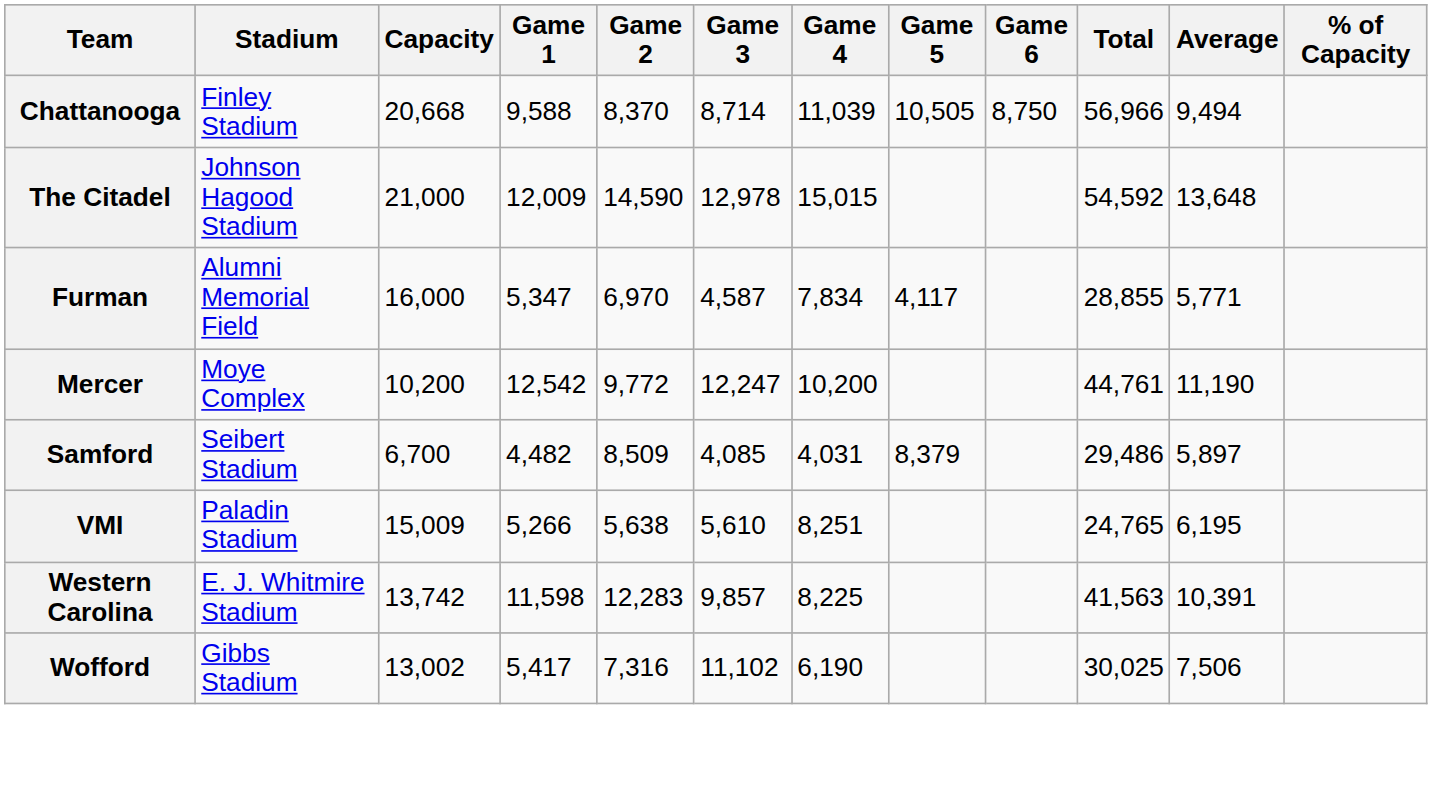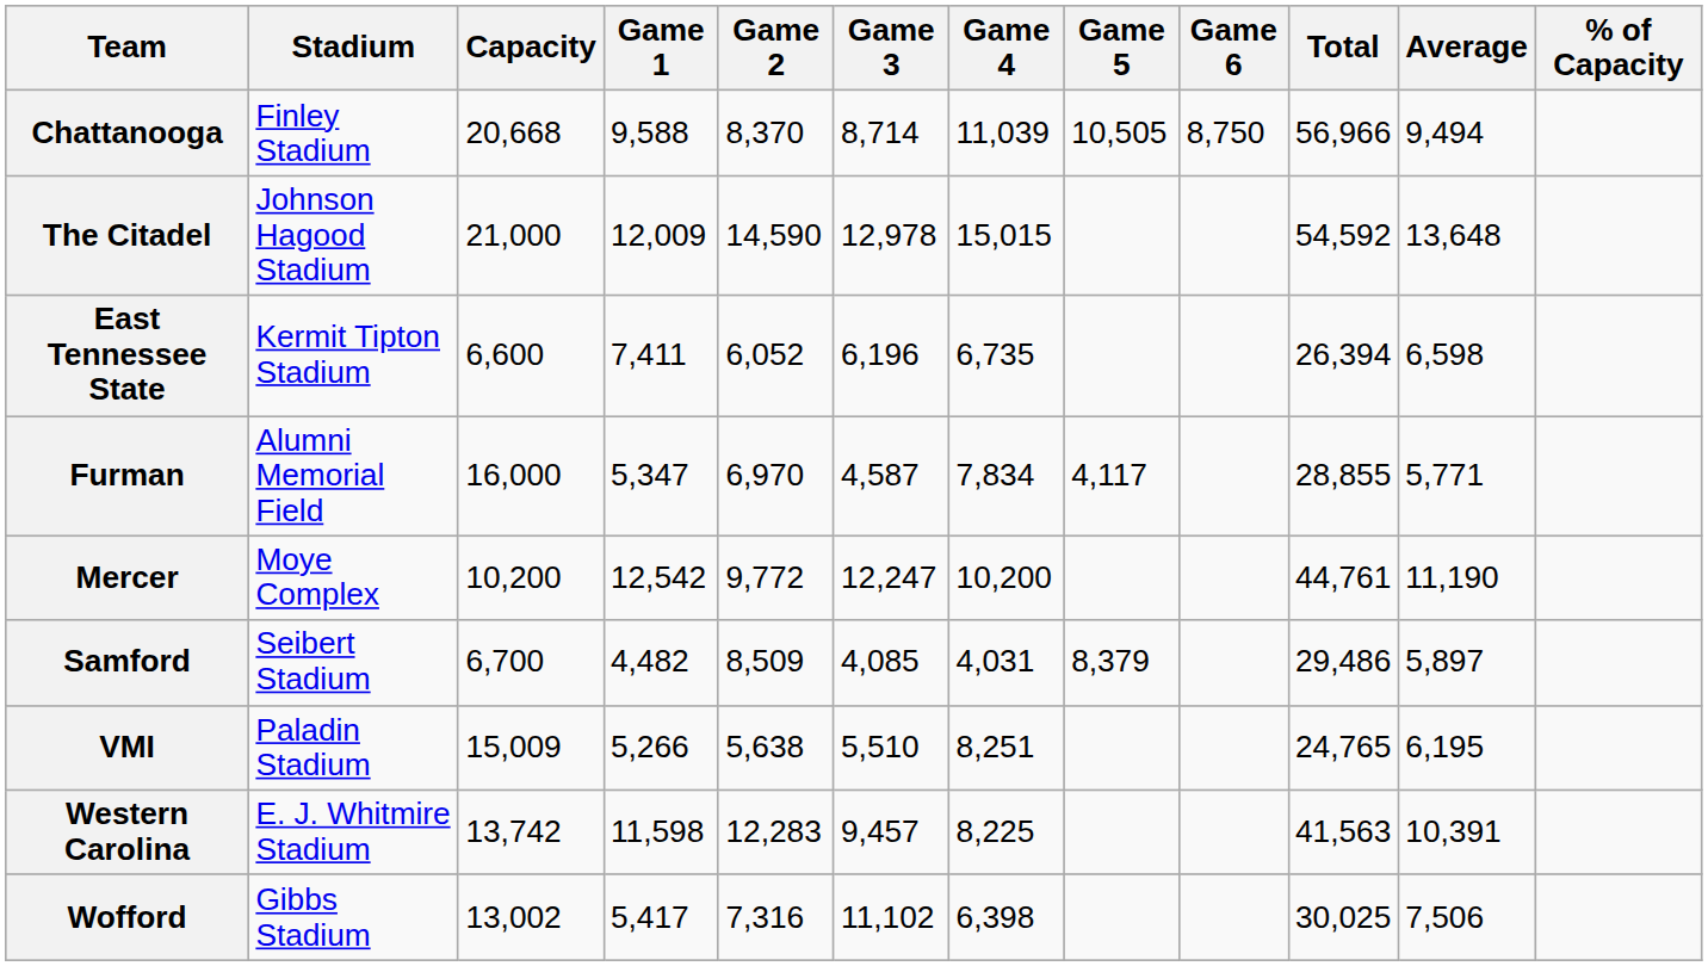 <table class="wikitable sortable">
 <tr>
 <th>Team</th>
 <th>Stadium</th>
 <th>Capacity</th>
 <th>Game 1</th>
 <th>Game 2</th>
 <th>Game 3</th>
 <th>Game 4</th>
 <th>Game 5</th>
 <th>Game 6</th>
 <th>Total</th>
 <th>Average</th>
 <th>% of Capacity</th>
 </tr>
 <tr>
 <th>Chattanooga</th>
 <td><a href='#'>Finley Stadium</a></td>
 <td>20,668</td>
 <td>9,588</td>
 <td>8,370</td>
 <td>8,714</td>
 <td>11,039</td>
 <td>10,505</td>
 <td>8,750</td>
 <td>56,966</td>
 <td>9,494</td>
 <td></td>
 </tr>
 <tr>
 <th>The Citadel</th>
 <td><a href='#'>Johnson Hagood Stadium</a></td>
 <td>21,000</td>
 <td>12,009</td>
 <td>14,590</td>
 <td>12,978</td>
 <td>15,015</td>
 <td></td>
 <td></td>
 <td>54,592</td>
 <td>13,648</td>
+<td></td>
+</tr>
+<tr>
+<th>East Tennessee State</th>
+<td><a href='#'>Kermit Tipton Stadium</a></td>
+<td>6,600</td>
+<td>7,411</td>
+<td>6,052</td>
+<td>6,196</td>
+<td>6,735</td>
+<td></td>
+<td></td>
+<td>26,394</td>
+<td>6,598</td>
 <td></td>
 </tr>
 <tr>
 <th>Furman</th>
 <td><a href='#'>Alumni Memorial Field</a></td>
 <td>16,000</td>
 <td>5,347</td>
 <td>6,970</td>
 <td>4,587</td>
 <td>7,834</td>
 <td>4,117</td>
 <td></td>
 <td>28,855</td>
 <td>5,771</td>
 <td></td>
 </tr>
 <tr>
 <th>Mercer</th>
 <td><a href='#'>Moye Complex</a></td>
 <td>10,200</td>
 <td>12,542</td>
 <td>9,772</td>
 <td>12,247</td>
 <td>10,200</td>
 <td></td>
 <td></td>
 <td>44,761</td>
 <td>11,190</td>
 <td></td>
 </tr>
 <tr>
 <th>Samford</th>
 <td><a href='#'>Seibert Stadium</a></td>
 <td>6,700</td>
 <td>4,482</td>
 <td>8,509</td>
 <td>4,085</td>
 <td>4,031</td>
 <td>8,379</td>
 <td></td>
 <td>29,486</td>
 <td>5,897</td>
 <td></td>
 </tr>
 <tr>
 <th>VMI</th>
 <td><a href='#'>Paladin Stadium</a></td>
 <td>15,009</td>
 <td>5,266</td>
 <td>5,638</td>
-<td>5,610</td>
+<td>5,510</td>
 <td>8,251</td>
 <td></td>
 <td></td>
 <td>24,765</td>
 <td>6,195</td>
 <td></td>
 </tr>
 <tr>
 <th>Western Carolina</th>
 <td><a href='#'>E. J. Whitmire Stadium</a></td>
 <td>13,742</td>
 <td>11,598</td>
 <td>12,283</td>
-<td>9,857</td>
+<td>9,457</td>
 <td>8,225</td>
 <td></td>
 <td></td>
 <td>41,563</td>
 <td>10,391</td>
 <td></td>
 </tr>
 <tr>
 <th>Wofford</th>
 <td><a href='#'>Gibbs Stadium</a></td>
 <td>13,002</td>
 <td>5,417</td>
 <td>7,316</td>
 <td>11,102</td>
-<td>6,190</td>
+<td>6,398</td>
 <td></td>
 <td></td>
 <td>30,025</td>
 <td>7,506</td>
 <td></td>
 </tr>
 </table>
